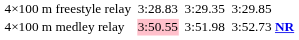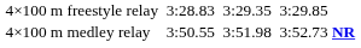 <table>
 <tr>
 <td>4×100 m freestyle relay</td>
 <td valign=top></td>
 <td>3:28.83</td>
 <td valign=top></td>
 <td>3:29.35</td>
 <td valign=top></td>
 <td>3:29.85</td>
 </tr>
 <tr>
 <td>4×100 m medley relay</td>
 <td valign=top></td>
-<td style="background: pink;">3:50.55</td>
+<td>3:50.55</td>
 <td valign=top></td>
 <td>3:51.98</td>
 <td valign=top></td>
 <td>3:52.73 <strong><a href='#'>NR</a></strong></td>
 </tr>
 </table>
